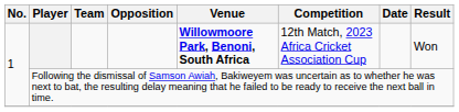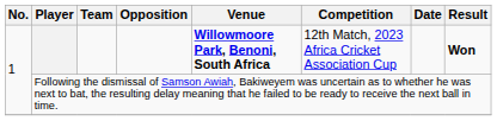 <table class="wikitable sortable plainrowheaders">
 <tr>
 <th scope="col">No.</th>
 <th scope="col">Player</th>
 <th scope="col">Team</th>
 <th scope="col">Opposition</th>
 <th scope="col">Venue</th>
 <th scope="col">Competition</th>
 <th scope="col">Date</th>
 <th scope="col">Result</th>
 </tr>
 <tr>
 <td rowspan="2">1</td>
 <th scope="row"></th>
 <td></td>
 <td></td>
 <td><strong><a href='#'>Willowmoore Park</a>, <a href='#'>Benoni</a>, South Africa</strong></td>
 <td>12th Match, <a href='#'>2023 Africa Cricket Association Cup</a></td>
 <td></td>
-<td>Won</td>
+<td><strong>Won</strong></td>
 </tr>
 <tr>
 <td colspan="7" style="font-size: 85%">Following the dismissal of <a href='#'>Samson Awiah</a>, Bakiweyem was uncertain as to whether he was next to bat, the resulting delay meaning that he failed to be ready to receive the next ball in time.</td>
 </tr>
 <tr>
 </tr>
 </table>
